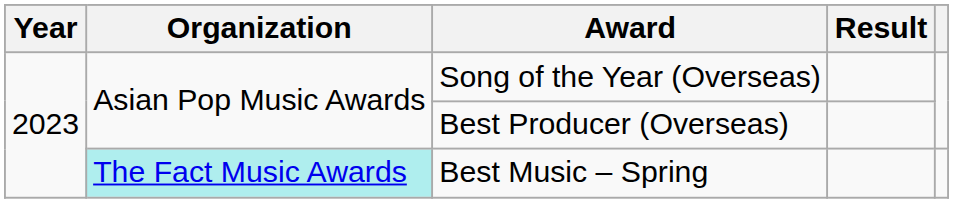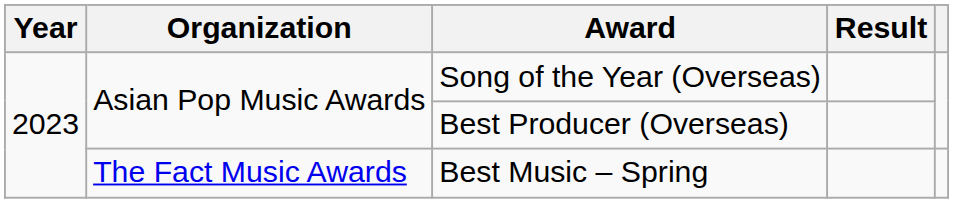 <table class="wikitable plainrowheaders">
 <tr align=center>
 <th scope="col">Year</th>
 <th scope="col">Organization</th>
 <th scope="col">Award</th>
 <th scope="col">Result</th>
 <th scope="col"></th>
 </tr>
 <tr>
 <td align="center" rowspan="3">2023</td>
 <td rowspan="2">Asian Pop Music Awards</td>
 <td>Song of the Year (Overseas)</td>
 <td></td>
 <td style="text-align:center" rowspan="2"></td>
 </tr>
 <tr>
 <td>Best Producer (Overseas)</td>
 <td></td>
 </tr>
 <tr>
-<td style="background: paleturquoise;"><a href='#'>The Fact Music Awards</a></td>
+<td><a href='#'>The Fact Music Awards</a></td>
 <td>Best Music – Spring</td>
 <td></td>
 <td align="center"></td>
 </tr>
 </table>
